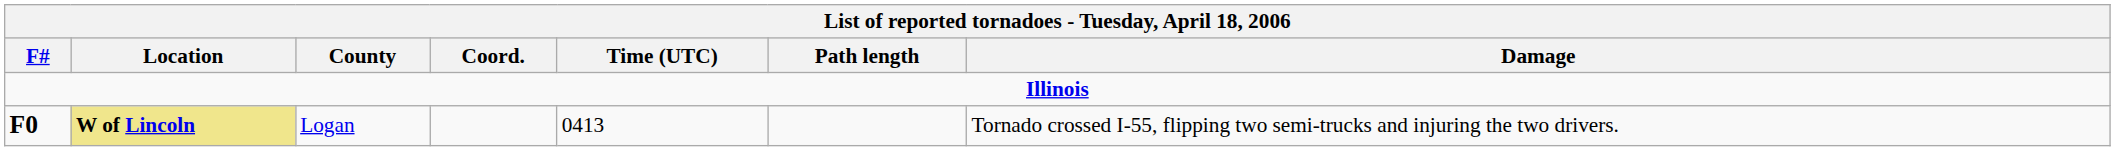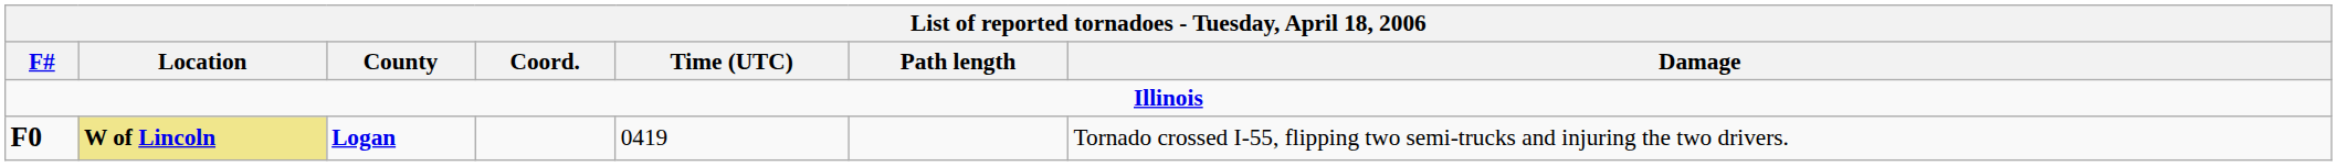 <table class="wikitable collapsible" width="100%">
 <tr>
 <th colspan="7">List of reported tornadoes - Tuesday, April 18, 2006</th>
 </tr>
 <tr>
 <th><a href='#'>F#</a></th>
 <th>Location</th>
 <th>County</th>
 <th>Coord.</th>
 <th>Time (UTC)</th>
 <th>Path length</th>
 <th>Damage</th>
 </tr>
 <tr>
 <td colspan="7" align=center><strong><a href='#'>Illinois</a></strong></td>
 </tr>
 <tr>
 <td><big><strong>F0</strong></big></td>
 <td style="background: khaki;"><strong>W of <a href='#'>Lincoln</a></strong></td>
-<td><a href='#'>Logan</a></td>
+<td><strong><a href='#'>Logan</a></strong></td>
 <td></td>
-<td>0413</td>
+<td>0419</td>
 <td></td>
 <td>Tornado crossed I-55, flipping two semi-trucks and injuring the two drivers.</td>
 </tr>
 </table>
